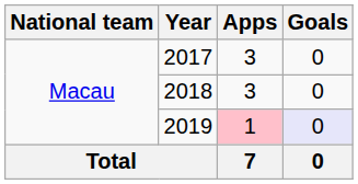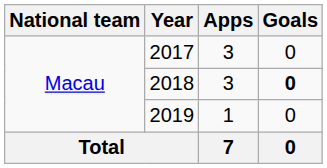 <table class="wikitable" style="text-align:center">
 <tr>
 <th>National team</th>
 <th>Year</th>
 <th>Apps</th>
 <th>Goals</th>
 </tr>
 <tr>
 <td rowspan="3"><a href='#'>Macau</a></td>
 <td>2017</td>
 <td>3</td>
 <td>0</td>
 </tr>
 <tr>
 <td>2018</td>
 <td>3</td>
-<td>0</td>
+<td><strong>0</strong></td>
 </tr>
 <tr>
 <td>2019</td>
-<td style="background: pink;">1</td>
-<td style="background: lavender;">0</td>
+<td>1</td>
+<td>0</td>
 </tr>
 <tr>
 <th colspan=2>Total</th>
 <th>7</th>
 <th>0</th>
 </tr>
 </table>
